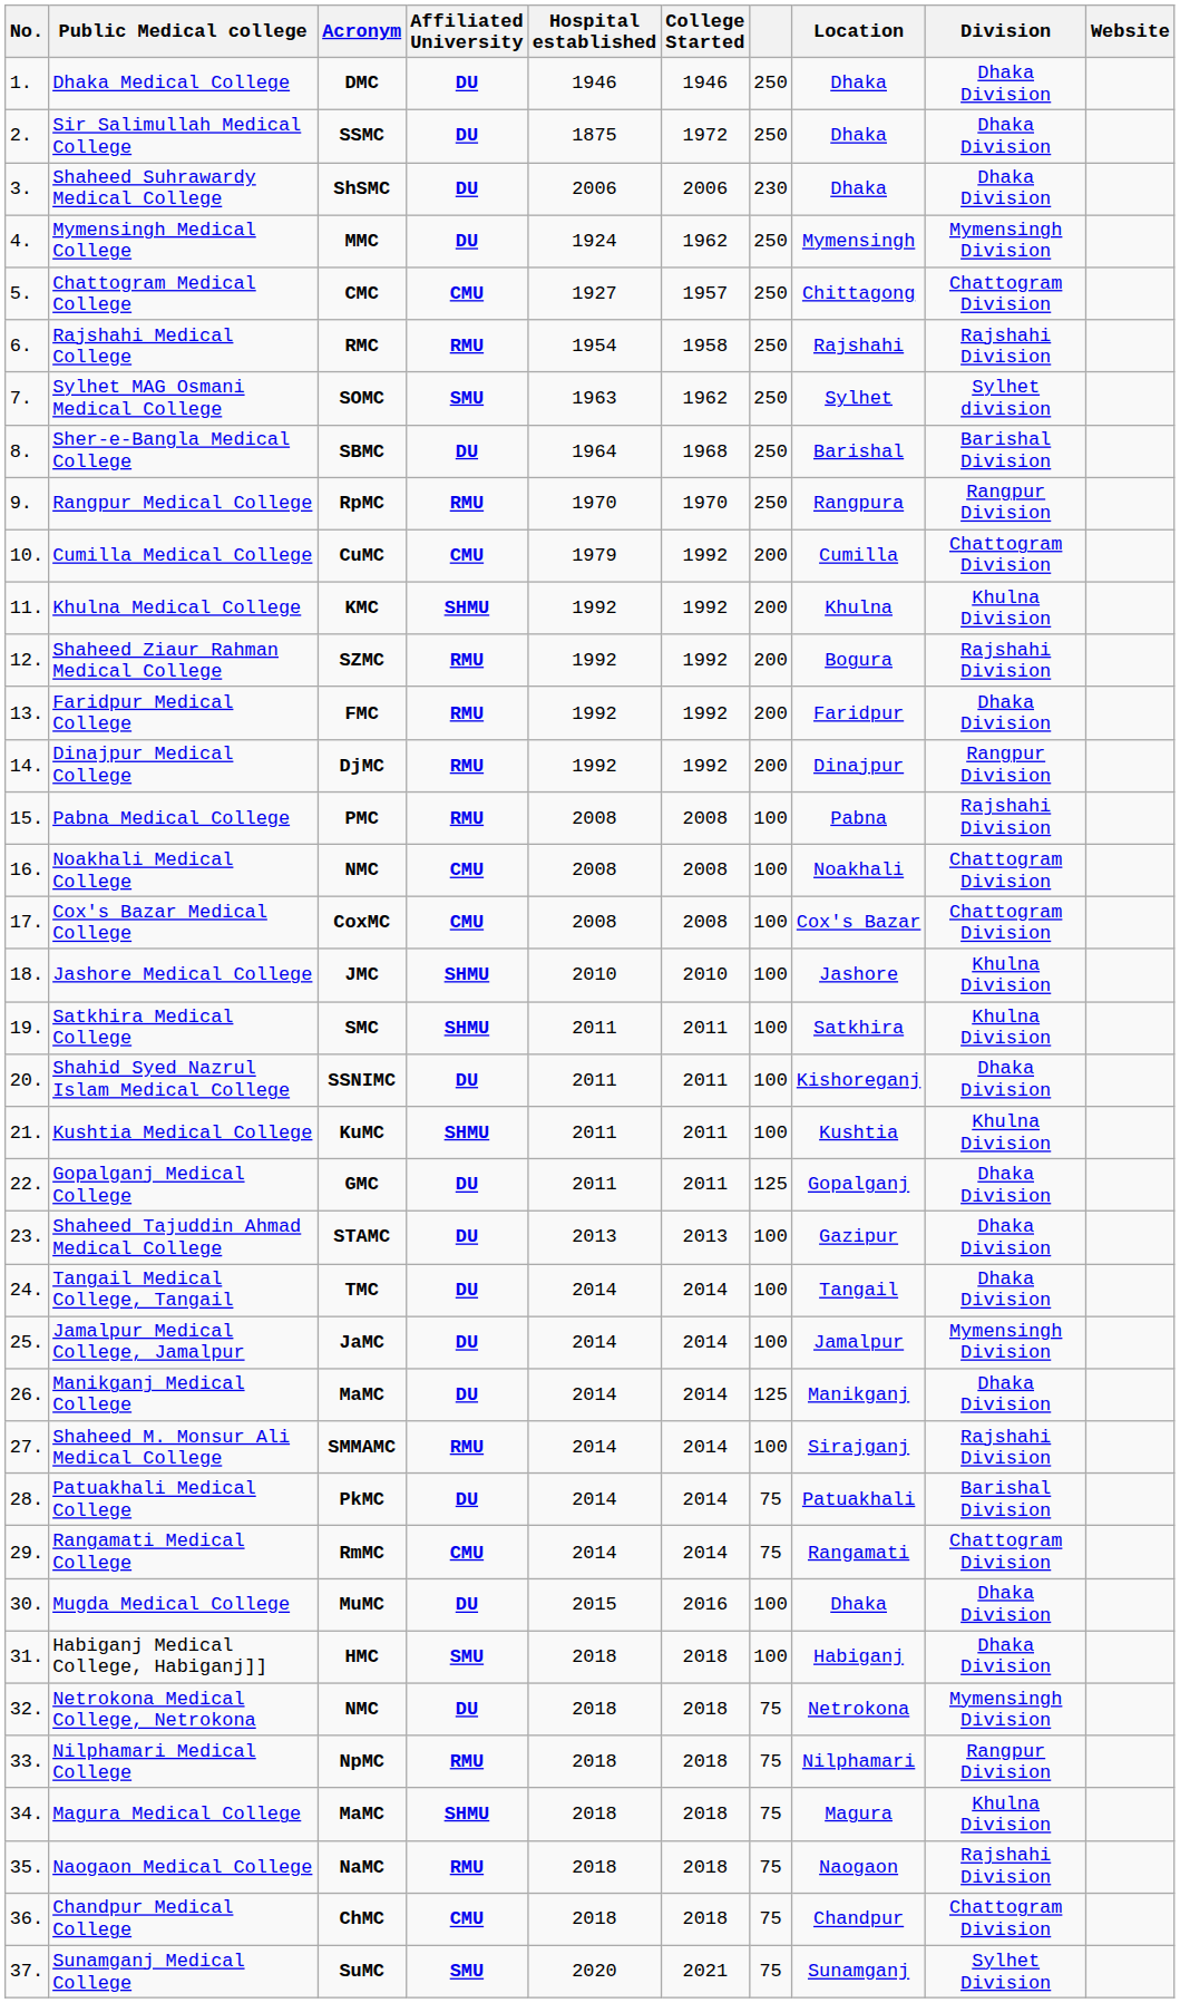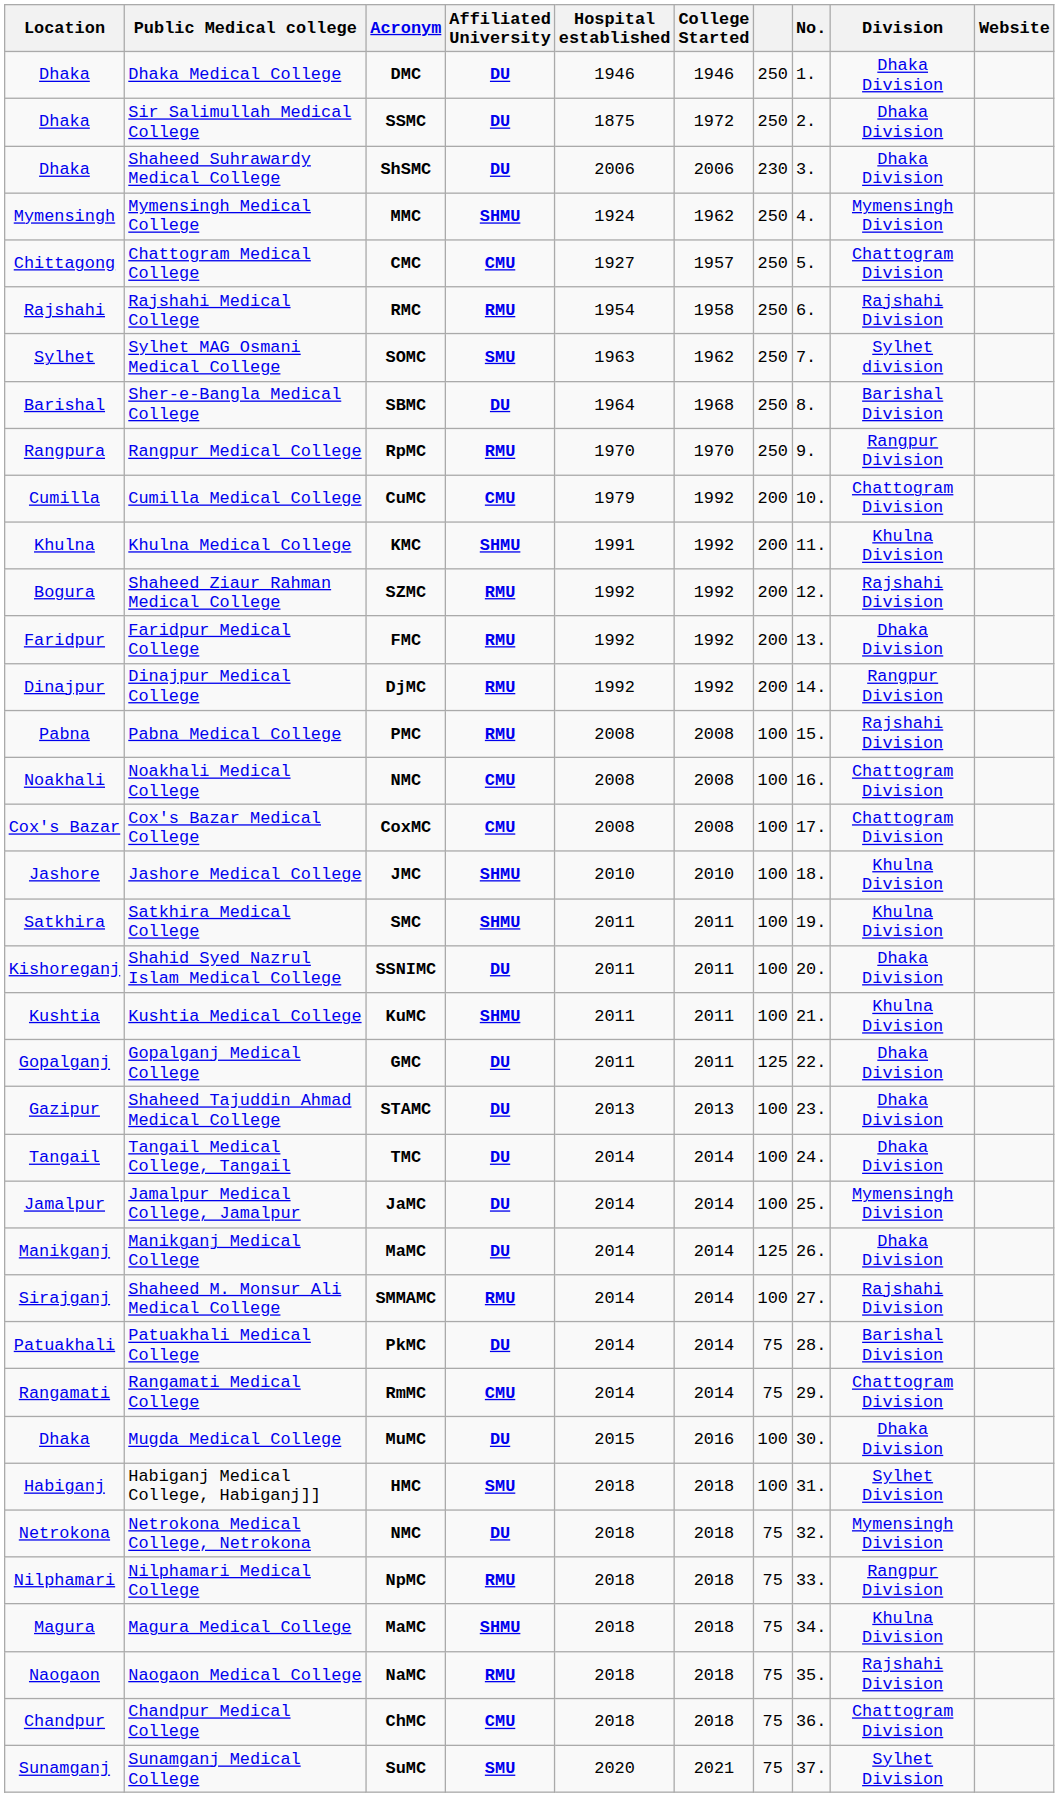 <table class="wikitable sortable">
 <tr>
-<th style="width:5px;">No.</th>
+<th style="width:65px;">Location</th>
 <th style="width:180px;">Public Medical college</th>
 <th class="unsortable"><a href='#'>Acronym</a></th>
 <th style="width:30px;">Affiliated University</th>
 <th style="width:50px;">Hospital<br>established</th>
 <th>College<br> Started</th>
 <th></th>
-<th style="width:65px;">Location</th>
+<th style="width:5px;">No.</th>
 <th style="width:105px;">Division</th>
 <th class="unsortable">Website<br></th>
 </tr>
 <tr>
-<td>1.</td>
+<td align="center"><a href='#'>Dhaka</a></td>
 <td><a href='#'>Dhaka Medical College</a></td>
 <td align="center"><strong>DMC</strong></td>
 <td align="center"><a href='#'><strong>DU</strong></a></td>
 <td align="center">1946</td>
 <td align="center">1946</td>
 <td align="center">250</td>
-<td align="center"><a href='#'>Dhaka</a></td>
+<td>1.</td>
 <td align="center"><a href='#'>Dhaka Division</a></td>
 <td align="center"><br></td>
 </tr>
 <tr 1>
-<td>2.</td>
+<td align="center"><a href='#'>Dhaka</a></td>
 <td><a href='#'>Sir Salimullah Medical College</a></td>
 <td align="center"><strong>SSMC</strong></td>
 <td align="center"><a href='#'><strong>DU</strong></a></td>
 <td align="center">1875</td>
 <td align="center">1972</td>
 <td align="center">250</td>
-<td align="center"><a href='#'>Dhaka</a></td>
+<td>2.</td>
 <td align="center"><a href='#'>Dhaka Division</a></td>
 <td align="center"></td>
 </tr>
 <tr 2>
-<td>3.</td>
+<td align="center"><a href='#'>Dhaka</a></td>
 <td><a href='#'>Shaheed Suhrawardy Medical College</a></td>
 <td align="center"><strong>ShSMC</strong></td>
 <td align="center"><a href='#'><strong>DU</strong></a></td>
 <td align="center">2006</td>
 <td align="center">2006</td>
 <td align="center">230</td>
-<td align="center"><a href='#'>Dhaka</a></td>
+<td>3.</td>
 <td align="center"><a href='#'>Dhaka Division</a></td>
 <td align="center"></td>
 </tr>
 <tr 3>
-<td>4.</td>
+<td align="center"><a href='#'>Mymensingh</a></td>
 <td><a href='#'>Mymensingh Medical College</a></td>
 <td align="center"><strong>MMC</strong></td>
-<td align="center"><a href='#'><strong>DU</strong></a></td>
+<td align="center"><a href='#'><strong>SHMU</strong></a></td>
 <td align="center">1924</td>
 <td align="center">1962</td>
 <td align="center">250</td>
-<td align="center"><a href='#'>Mymensingh</a></td>
+<td>4.</td>
 <td align="center"><a href='#'>Mymensingh Division</a></td>
 <td align="center"></td>
 </tr>
 <tr 4>
-<td>5.</td>
+<td align="center"><a href='#'>Chittagong</a></td>
 <td><a href='#'>Chattogram Medical College</a></td>
 <td align="center"><strong>CMC</strong></td>
 <td align="center"><a href='#'><strong>CMU</strong></a></td>
 <td align="center">1927</td>
 <td align="center">1957</td>
 <td align="center">250</td>
-<td align="center"><a href='#'>Chittagong</a></td>
+<td>5.</td>
 <td align="center"><a href='#'>Chattogram Division</a></td>
 <td align="center"></td>
 </tr>
 <tr 5>
-<td>6.</td>
+<td align="center"><a href='#'>Rajshahi</a></td>
 <td><a href='#'>Rajshahi Medical College</a></td>
 <td align="center"><strong>RMC</strong></td>
 <td align="center"><a href='#'><strong>RMU</strong></a></td>
 <td align="center">1954</td>
 <td align="center">1958</td>
 <td align="center">250</td>
-<td align="center"><a href='#'>Rajshahi</a></td>
+<td>6.</td>
 <td align="center"><a href='#'>Rajshahi Division</a></td>
 <td align="center"></td>
 </tr>
 <tr 6>
-<td>7.</td>
+<td align="center"><a href='#'>Sylhet</a></td>
 <td><a href='#'>Sylhet MAG Osmani Medical College</a></td>
 <td align="center"><strong>SOMC</strong></td>
 <td align="center"><a href='#'><strong>SMU</strong></a></td>
 <td align="center">1963</td>
 <td align="center">1962</td>
 <td align="center">250</td>
-<td align="center"><a href='#'>Sylhet</a></td>
+<td>7.</td>
 <td align="center"><a href='#'>Sylhet division</a></td>
 <td align="center"></td>
 </tr>
 <tr 7>
-<td>8.</td>
+<td align="center"><a href='#'>Barishal</a></td>
 <td><a href='#'>Sher-e-Bangla Medical College</a></td>
 <td align="center"><strong>SBMC</strong></td>
 <td align="center"><a href='#'><strong>DU</strong></a></td>
 <td align="center">1964</td>
 <td align="center">1968</td>
 <td align="center">250</td>
-<td align="center"><a href='#'>Barishal</a></td>
+<td>8.</td>
 <td align="center"><a href='#'>Barishal Division</a></td>
 <td align="center"></td>
 </tr>
 <tr 8>
-<td>9.</td>
+<td align="center"><a href='#'>Rangpura</a></td>
 <td><a href='#'>Rangpur Medical College</a></td>
 <td align="center"><strong>RpMC</strong></td>
 <td align="center"><a href='#'><strong>RMU</strong></a></td>
 <td align="center">1970</td>
 <td align="center">1970</td>
 <td align="center">250</td>
-<td align="center"><a href='#'>Rangpura</a></td>
+<td>9.</td>
 <td align="center"><a href='#'>Rangpur Division</a></td>
 <td align="center"></td>
 </tr>
 <tr 9>
-<td>10.</td>
+<td align="center"><a href='#'>Cumilla</a></td>
 <td><a href='#'>Cumilla Medical College</a></td>
 <td align="center"><strong>CuMC</strong></td>
 <td align="center"><a href='#'><strong>CMU</strong></a></td>
 <td align="center">1979</td>
 <td align="center">1992</td>
 <td align="center">200</td>
-<td align="center"><a href='#'>Cumilla</a></td>
+<td>10.</td>
 <td align="center"><a href='#'>Chattogram Division</a></td>
 <td align="center"></td>
 </tr>
 <tr 10>
-<td>11.</td>
+<td align="center"><a href='#'>Khulna</a></td>
 <td><a href='#'>Khulna Medical College</a></td>
 <td align="center"><strong>KMC</strong></td>
 <td align="center"><a href='#'><strong>SHMU</strong></a></td>
-<td align="center">1992</td>
+<td align="center">1991</td>
 <td align="center">1992</td>
 <td align="center">200</td>
-<td align="center"><a href='#'>Khulna</a></td>
+<td>11.</td>
 <td align="center"><a href='#'>Khulna Division</a></td>
 <td align="center"></td>
 </tr>
 <tr 11>
-<td>12.</td>
+<td align="center"><a href='#'>Bogura</a></td>
 <td><a href='#'>Shaheed Ziaur Rahman Medical College</a></td>
 <td align="center"><strong>SZMC</strong></td>
 <td align="center"><a href='#'><strong>RMU</strong></a></td>
 <td align="center">1992</td>
 <td align="center">1992</td>
 <td align="center">200</td>
-<td align="center"><a href='#'>Bogura</a></td>
+<td>12.</td>
 <td align="center"><a href='#'>Rajshahi Division</a></td>
 <td align="center"></td>
 </tr>
 <tr 12>
-<td>13.</td>
+<td align="center"><a href='#'>Faridpur</a></td>
 <td><a href='#'>Faridpur Medical College</a></td>
 <td align="center"><strong>FMC</strong></td>
 <td align="center"><a href='#'><strong>RMU</strong></a></td>
 <td align="center">1992</td>
 <td align="center">1992</td>
 <td align="center">200</td>
-<td align="center"><a href='#'>Faridpur</a></td>
+<td>13.</td>
 <td align="center"><a href='#'>Dhaka Division</a></td>
 <td align="center"></td>
 </tr>
 <tr 13>
-<td>14.</td>
+<td align="center"><a href='#'>Dinajpur</a></td>
 <td><a href='#'>Dinajpur Medical College</a></td>
 <td align="center"><strong>DjMC</strong></td>
 <td align="center"><a href='#'><strong>RMU</strong></a></td>
 <td align="center">1992</td>
 <td align="center">1992</td>
 <td align="center">200</td>
-<td align="center"><a href='#'>Dinajpur</a></td>
+<td>14.</td>
 <td align="center"><a href='#'>Rangpur Division</a></td>
 <td align="center"></td>
 </tr>
 <tr 14>
-<td>15.</td>
+<td align="center"><a href='#'>Pabna</a></td>
 <td><a href='#'>Pabna Medical College</a></td>
 <td align="center"><strong>PMC</strong></td>
 <td align="center"><a href='#'><strong>RMU</strong></a></td>
 <td align="center">2008</td>
 <td align="center">2008</td>
 <td align="center">100</td>
-<td align="center"><a href='#'>Pabna</a></td>
+<td>15.</td>
 <td align="center"><a href='#'>Rajshahi Division</a></td>
 <td align="center"></td>
 </tr>
 <tr 15>
-<td>16.</td>
+<td align="center"><a href='#'>Noakhali</a></td>
 <td><a href='#'>Noakhali Medical College</a></td>
 <td align="center"><strong>NMC</strong></td>
 <td align="center"><a href='#'><strong>CMU</strong></a></td>
 <td align="center">2008</td>
 <td align="center">2008</td>
 <td align="center">100</td>
-<td align="center"><a href='#'>Noakhali</a></td>
+<td>16.</td>
 <td align="center"><a href='#'>Chattogram Division</a></td>
 <td align="center"></td>
 </tr>
 <tr 16>
-<td>17.</td>
+<td align="center"><a href='#'>Cox's Bazar</a></td>
 <td><a href='#'>Cox's Bazar Medical College</a></td>
 <td align="center"><strong>CoxMC</strong></td>
 <td align="center"><a href='#'><strong>CMU</strong></a></td>
 <td align="center">2008</td>
 <td align="center">2008</td>
 <td align="center">100</td>
-<td align="center"><a href='#'>Cox's Bazar</a></td>
+<td>17.</td>
 <td align="center"><a href='#'>Chattogram Division</a></td>
 <td align="center"></td>
 </tr>
 <tr 17>
-<td>18.</td>
+<td align="center"><a href='#'>Jashore</a></td>
 <td><a href='#'>Jashore Medical College</a></td>
 <td align="center"><strong>JMC</strong></td>
 <td align="center"><a href='#'><strong>SHMU</strong></a></td>
 <td align="center">2010</td>
 <td align="center">2010</td>
 <td align="center">100</td>
-<td align="center"><a href='#'>Jashore</a></td>
+<td>18.</td>
 <td align="center"><a href='#'>Khulna Division</a></td>
 <td align="center"></td>
 </tr>
 <tr 18>
-<td>19.</td>
+<td align="center"><a href='#'>Satkhira</a></td>
 <td><a href='#'>Satkhira Medical College</a></td>
 <td align="center"><strong>SMC</strong></td>
 <td align="center"><a href='#'><strong>SHMU</strong></a></td>
 <td align="center">2011</td>
 <td align="center">2011</td>
 <td align="center">100</td>
-<td align="center"><a href='#'>Satkhira</a></td>
+<td>19.</td>
 <td align="center"><a href='#'>Khulna Division</a></td>
 <td align="center"></td>
 </tr>
 <tr 19>
-<td>20.</td>
+<td align="center"><a href='#'>Kishoreganj</a></td>
 <td><a href='#'>Shahid Syed Nazrul Islam Medical College</a></td>
 <td align="center"><strong>SSNIMC</strong></td>
 <td align="center"><a href='#'><strong>DU</strong></a></td>
 <td align="center">2011</td>
 <td align="center">2011</td>
 <td align="center">100</td>
-<td align="center"><a href='#'>Kishoreganj</a></td>
+<td>20.</td>
 <td align="center"><a href='#'>Dhaka Division</a></td>
 <td align="center"></td>
 </tr>
 <tr 20>
-<td>21.</td>
+<td align="center"><a href='#'>Kushtia</a></td>
 <td><a href='#'>Kushtia Medical College</a></td>
 <td align="center"><strong>KuMC</strong></td>
 <td align="center"><a href='#'><strong>SHMU</strong></a></td>
 <td align="center">2011</td>
 <td align="center">2011</td>
 <td align="center">100</td>
-<td align="center"><a href='#'>Kushtia</a></td>
+<td>21.</td>
 <td align="center"><a href='#'>Khulna Division</a></td>
 <td align="center"></td>
 </tr>
 <tr 21>
-<td>22.</td>
+<td align="center"><a href='#'>Gopalganj</a></td>
 <td><a href='#'>Gopalganj Medical College</a></td>
 <td align="center"><strong>GMC</strong></td>
 <td align="center"><a href='#'><strong>DU</strong></a></td>
 <td align="center">2011</td>
 <td align="center">2011</td>
 <td align="center">125</td>
-<td align="center"><a href='#'>Gopalganj</a></td>
+<td>22.</td>
 <td align="center"><a href='#'>Dhaka Division</a></td>
 <td align="center"></td>
 </tr>
 <tr 22>
-<td>23.</td>
+<td align="center"><a href='#'>Gazipur</a></td>
 <td><a href='#'>Shaheed Tajuddin Ahmad Medical College</a></td>
 <td align="center"><strong>STAMC</strong></td>
 <td align="center"><a href='#'><strong>DU</strong></a></td>
 <td align="center">2013</td>
 <td align="center">2013</td>
 <td align="center">100</td>
-<td align="center"><a href='#'>Gazipur</a></td>
+<td>23.</td>
 <td align="center"><a href='#'>Dhaka Division</a></td>
 <td align="center"></td>
 </tr>
 <tr 23>
-<td>24.</td>
+<td align="center"><a href='#'>Tangail</a></td>
 <td><a href='#'>Tangail Medical College, Tangail</a></td>
 <td align="center"><strong>TMC</strong></td>
 <td align="center"><a href='#'><strong>DU</strong></a></td>
 <td align="center">2014</td>
 <td align="center">2014</td>
 <td align="center">100</td>
-<td align="center"><a href='#'>Tangail</a></td>
+<td>24.</td>
 <td align="center"><a href='#'>Dhaka Division</a></td>
 <td align="center"></td>
 </tr>
 <tr 24>
-<td>25.</td>
+<td align="center"><a href='#'>Jamalpur</a></td>
 <td><a href='#'>Jamalpur Medical College, Jamalpur</a></td>
 <td align="center"><strong>JaMC</strong></td>
 <td align="center"><a href='#'><strong>DU</strong></a></td>
 <td align="center">2014</td>
 <td align="center">2014</td>
 <td align="center">100</td>
-<td align="center"><a href='#'>Jamalpur</a></td>
+<td>25.</td>
 <td align="center"><a href='#'>Mymensingh Division</a></td>
 <td align="center"></td>
 </tr>
 <tr 25>
-<td>26.</td>
+<td align="center"><a href='#'>Manikganj</a></td>
 <td><a href='#'>Manikganj Medical College</a></td>
 <td align="center"><strong>MaMC</strong></td>
 <td align="center"><a href='#'><strong>DU</strong></a></td>
 <td align="center">2014</td>
 <td align="center">2014</td>
 <td align="center">125</td>
-<td align="center"><a href='#'>Manikganj</a></td>
+<td>26.</td>
 <td align="center"><a href='#'>Dhaka Division</a></td>
 <td align="center"></td>
 </tr>
 <tr 26>
-<td>27.</td>
+<td align="center"><a href='#'>Sirajganj</a></td>
 <td><a href='#'>Shaheed M. Monsur Ali Medical College</a></td>
 <td align="center"><strong>SMMAMC</strong></td>
 <td align="center"><a href='#'><strong>RMU</strong></a></td>
 <td align="center">2014</td>
 <td align="center">2014</td>
 <td align="center">100</td>
-<td align="center"><a href='#'>Sirajganj</a></td>
+<td>27.</td>
 <td align="center"><a href='#'>Rajshahi Division</a></td>
 <td align="center"></td>
 </tr>
 <tr 27>
-<td>28.</td>
+<td align="center"><a href='#'>Patuakhali</a></td>
 <td><a href='#'>Patuakhali Medical College</a></td>
 <td align="center"><strong>PkMC</strong></td>
 <td align="center"><a href='#'><strong>DU</strong></a></td>
 <td align="center">2014</td>
 <td align="center">2014</td>
 <td align="center">75</td>
-<td align="center"><a href='#'>Patuakhali</a></td>
+<td>28.</td>
 <td align="center"><a href='#'>Barishal Division</a></td>
 <td align="center"></td>
 </tr>
 <tr 28>
-<td>29.</td>
+<td align="center"><a href='#'>Rangamati</a></td>
 <td><a href='#'>Rangamati Medical College</a></td>
 <td align="center"><strong>RmMC</strong></td>
 <td align="center"><a href='#'><strong>CMU</strong></a></td>
 <td align="center">2014</td>
 <td align="center">2014</td>
 <td align="center">75</td>
-<td align="center"><a href='#'>Rangamati</a></td>
+<td>29.</td>
 <td align="center"><a href='#'>Chattogram Division</a></td>
 <td align="center"></td>
 </tr>
 <tr 29>
-<td>30.</td>
+<td align="center"><a href='#'>Dhaka</a></td>
 <td><a href='#'>Mugda Medical College</a></td>
 <td align="center"><strong>MuMC</strong></td>
 <td align="center"><a href='#'><strong>DU</strong></a></td>
 <td align="center">2015</td>
 <td align="center">2016</td>
 <td align="center">100</td>
-<td align="center"><a href='#'>Dhaka</a></td>
+<td>30.</td>
 <td align="center"><a href='#'>Dhaka Division</a></td>
 <td align="center"></td>
 </tr>
 <tr 30>
-<td>31.</td>
+<td align="center"><a href='#'>Habiganj</a></td>
 <td>Habiganj Medical College, Habiganj]]</td>
 <td align="center"><strong>HMC</strong></td>
 <td align="center"><a href='#'><strong>SMU</strong></a></td>
 <td align="center">2018</td>
 <td align="center">2018</td>
 <td align="center">100</td>
-<td align="center"><a href='#'>Habiganj</a></td>
-<td align="center"><a href='#'>Dhaka Division</a></td>
+<td>31.</td>
+<td align="center"><a href='#'>Sylhet Division</a></td>
 <td align="center"></td>
 </tr>
 <tr 31>
-<td>32.</td>
+<td align="center"><a href='#'>Netrokona</a></td>
 <td><a href='#'>Netrokona Medical College, Netrokona</a></td>
 <td align="center"><strong>NMC</strong></td>
 <td align="center"><a href='#'><strong>DU</strong></a></td>
 <td align="center">2018</td>
 <td align="center">2018</td>
 <td align="center">75</td>
-<td align="center"><a href='#'>Netrokona</a></td>
+<td>32.</td>
 <td align="center"><a href='#'>Mymensingh Division</a></td>
 <td align="center"></td>
 </tr>
 <tr 32>
-<td>33.</td>
+<td align="center"><a href='#'>Nilphamari</a></td>
 <td><a href='#'>Nilphamari Medical College</a></td>
 <td align="center"><strong>NpMC</strong></td>
 <td align="center"><a href='#'><strong>RMU</strong></a></td>
 <td align="center">2018</td>
 <td align="center">2018</td>
 <td align="center">75</td>
-<td align="center"><a href='#'>Nilphamari</a></td>
+<td>33.</td>
 <td align="center"><a href='#'>Rangpur Division</a></td>
 <td align="center"></td>
 </tr>
 <tr 33>
-<td>34.</td>
+<td align="center"><a href='#'>Magura</a></td>
 <td><a href='#'>Magura Medical College</a></td>
 <td align="center"><strong>MaMC</strong></td>
 <td align="center"><a href='#'><strong>SHMU</strong></a></td>
 <td align="center">2018</td>
 <td align="center">2018</td>
 <td align="center">75</td>
-<td align="center"><a href='#'>Magura</a></td>
+<td>34.</td>
 <td align="center"><a href='#'>Khulna Division</a></td>
 <td align="center"></td>
 </tr>
 <tr 34>
-<td>35.</td>
+<td align="center"><a href='#'>Naogaon</a></td>
 <td><a href='#'>Naogaon Medical College</a></td>
 <td align="center"><strong>NaMC</strong></td>
 <td align="center"><a href='#'><strong>RMU</strong></a></td>
 <td align="center">2018</td>
 <td align="center">2018</td>
 <td align="center">75</td>
-<td align="center"><a href='#'>Naogaon</a></td>
+<td>35.</td>
 <td align="center"><a href='#'>Rajshahi Division</a></td>
 <td align="center"></td>
 </tr>
 <tr 35>
-<td>36.</td>
+<td align="center"><a href='#'>Chandpur</a></td>
 <td><a href='#'>Chandpur Medical College</a></td>
 <td align="center"><strong>ChMC</strong></td>
 <td align="center"><a href='#'><strong>CMU</strong></a></td>
 <td align="center">2018</td>
 <td align="center">2018</td>
 <td align="center">75</td>
-<td align="center"><a href='#'>Chandpur</a></td>
+<td>36.</td>
 <td align="center"><a href='#'>Chattogram Division</a></td>
 <td align="center"></td>
 </tr>
 <tr>
-<td>37.</td>
+<td align="center"><a href='#'>Sunamganj</a></td>
 <td><a href='#'>Sunamganj Medical College</a></td>
 <td align="center"><strong>SuMC</strong></td>
 <td align="center"><a href='#'><strong>SMU</strong></a></td>
 <td align="center">2020</td>
 <td align="center">2021</td>
 <td align="center">75</td>
-<td align="center"><a href='#'>Sunamganj</a></td>
+<td>37.</td>
 <td align="center"><a href='#'>Sylhet Division</a></td>
 <td align="center"></td>
 </tr>
 </table>
